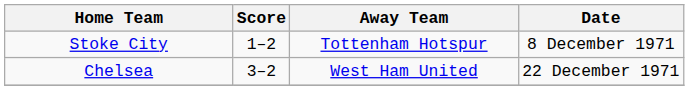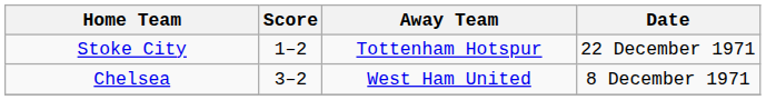 <table class="wikitable" style="text-align:center;">
 <tr>
 <th width=175>Home Team</th>
 <th width=20>Score</th>
 <th width=175>Away Team</th>
 <th width=125>Date</th>
 </tr>
 <tr>
 <td><a href='#'>Stoke City</a></td>
 <td>1–2</td>
 <td><a href='#'>Tottenham Hotspur</a></td>
-<td>8 December 1971</td>
+<td>22 December 1971</td>
 </tr>
 <tr>
 <td><a href='#'>Chelsea</a></td>
 <td>3–2</td>
 <td><a href='#'>West Ham United</a></td>
-<td>22 December 1971</td>
+<td>8 December 1971</td>
 </tr>
 <tr>
 </tr>
 </table>
